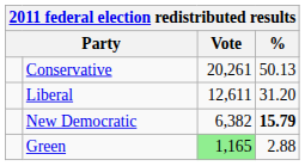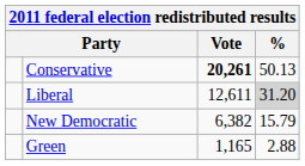 <table class="wikitable">
 <tr>
 <th colspan="4"><a href='#'>2011 federal election</a> redistributed results</th>
 </tr>
 <tr>
 <th bgcolor="#DDDDFF" width="130px" colspan="2">Party</th>
 <th bgcolor="#DDDDFF" width="50px">Vote</th>
 <th bgcolor="#DDDDFF" width="30px">%</th>
 </tr>
 <tr>
 <td> </td>
 <td><a href='#'>Conservative</a></td>
-<td align=right>20,261</td>
+<td align=right><strong>20,261</strong></td>
 <td align=right>50.13</td>
 </tr>
 <tr>
 <td> </td>
 <td><a href='#'>Liberal</a></td>
 <td align=right>12,611</td>
-<td align=right>31.20</td>
+<td align=right style="background: lightgrey;">31.20</td>
 </tr>
 <tr>
 <td> </td>
 <td><a href='#'>New Democratic</a></td>
 <td align=right>6,382</td>
-<td align=right><strong>15.79</strong></td>
+<td align=right>15.79</td>
 </tr>
 <tr>
 <td> </td>
 <td><a href='#'>Green</a></td>
-<td align=right style="background: lightgreen;">1,165</td>
+<td align=right>1,165</td>
 <td align=right>2.88</td>
 </tr>
 </table>
